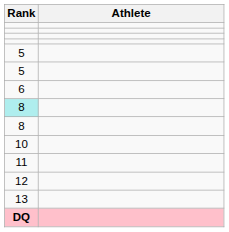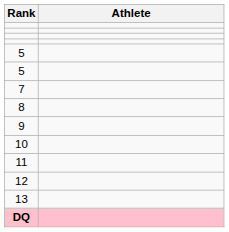 <table class="wikitable" style="text-align: center;">
 <tr>
 <th width=40>Rank</th>
 <th width=250>Athlete</th>
 </tr>
 <tr>
 <td></td>
 <td align="left"></td>
 </tr>
 <tr>
 <td></td>
 <td align="left"></td>
 </tr>
 <tr>
 <td></td>
 <td align="left"></td>
 </tr>
 <tr>
 <td></td>
 <td align="left"></td>
 </tr>
 <tr>
 <td>5</td>
 <td align="left"></td>
 </tr>
 <tr>
 <td>5</td>
 <td align="left"></td>
 </tr>
 <tr>
-<td>6</td>
-<td align="left"></td>
-</tr>
-<tr>
-<td style="background: paleturquoise;">8</td>
+<td>7</td>
 <td align="left"></td>
 </tr>
 <tr>
 <td>8</td>
+<td align="left"></td>
+</tr>
+<tr>
+<td>9</td>
 <td align="left"></td>
 </tr>
 <tr>
 <td>10</td>
 <td align="left"></td>
 </tr>
 <tr>
 <td>11</td>
 <td align="left"></td>
 </tr>
 <tr>
 <td>12</td>
 <td align="left"></td>
 </tr>
 <tr>
 <td>13</td>
 <td align="left"></td>
 </tr>
 <tr bgcolor=pink>
 <td><strong>DQ</strong></td>
 <td align="left"></td>
 </tr>
 </table>
